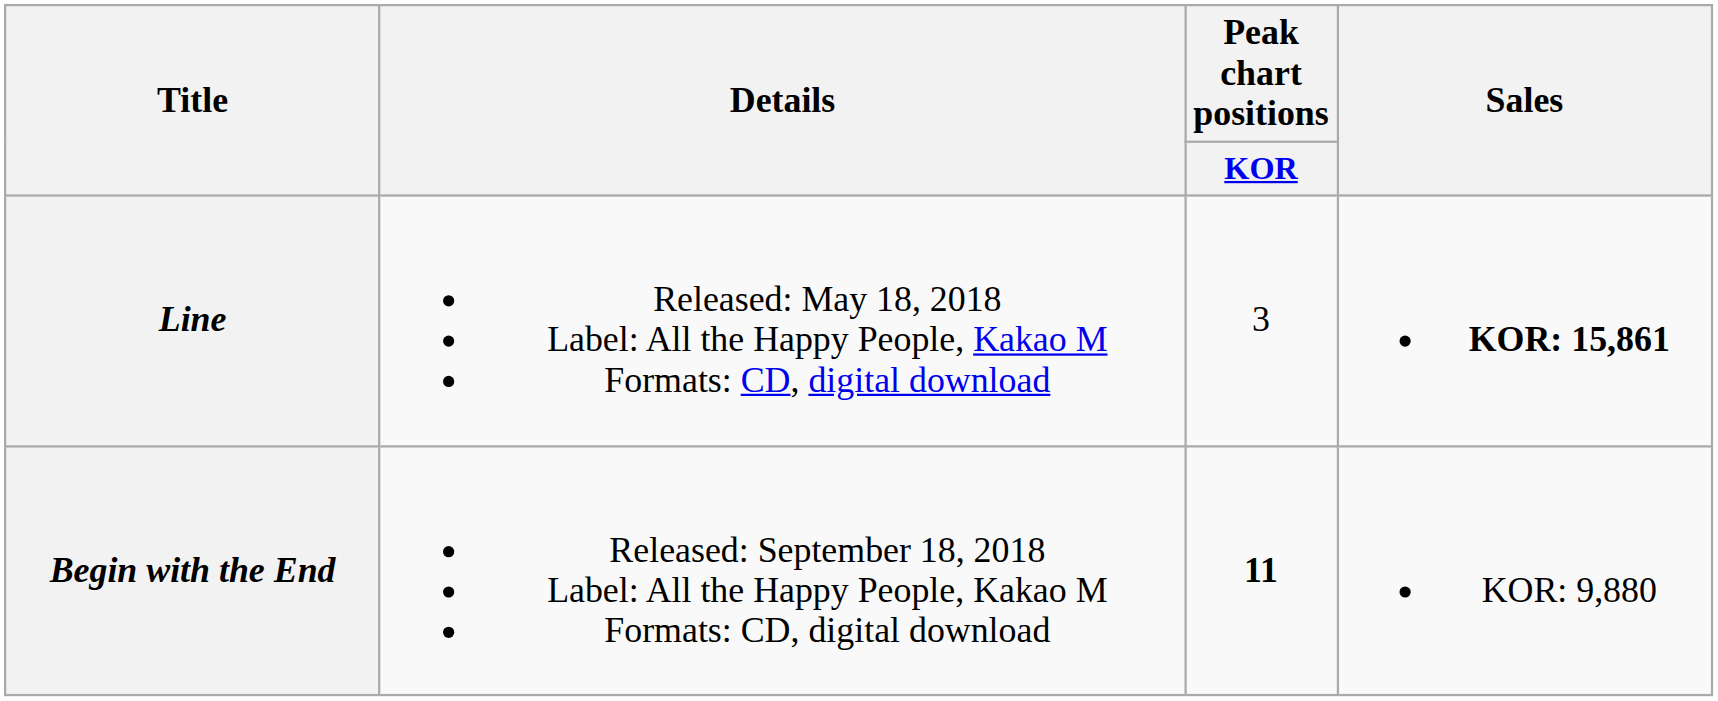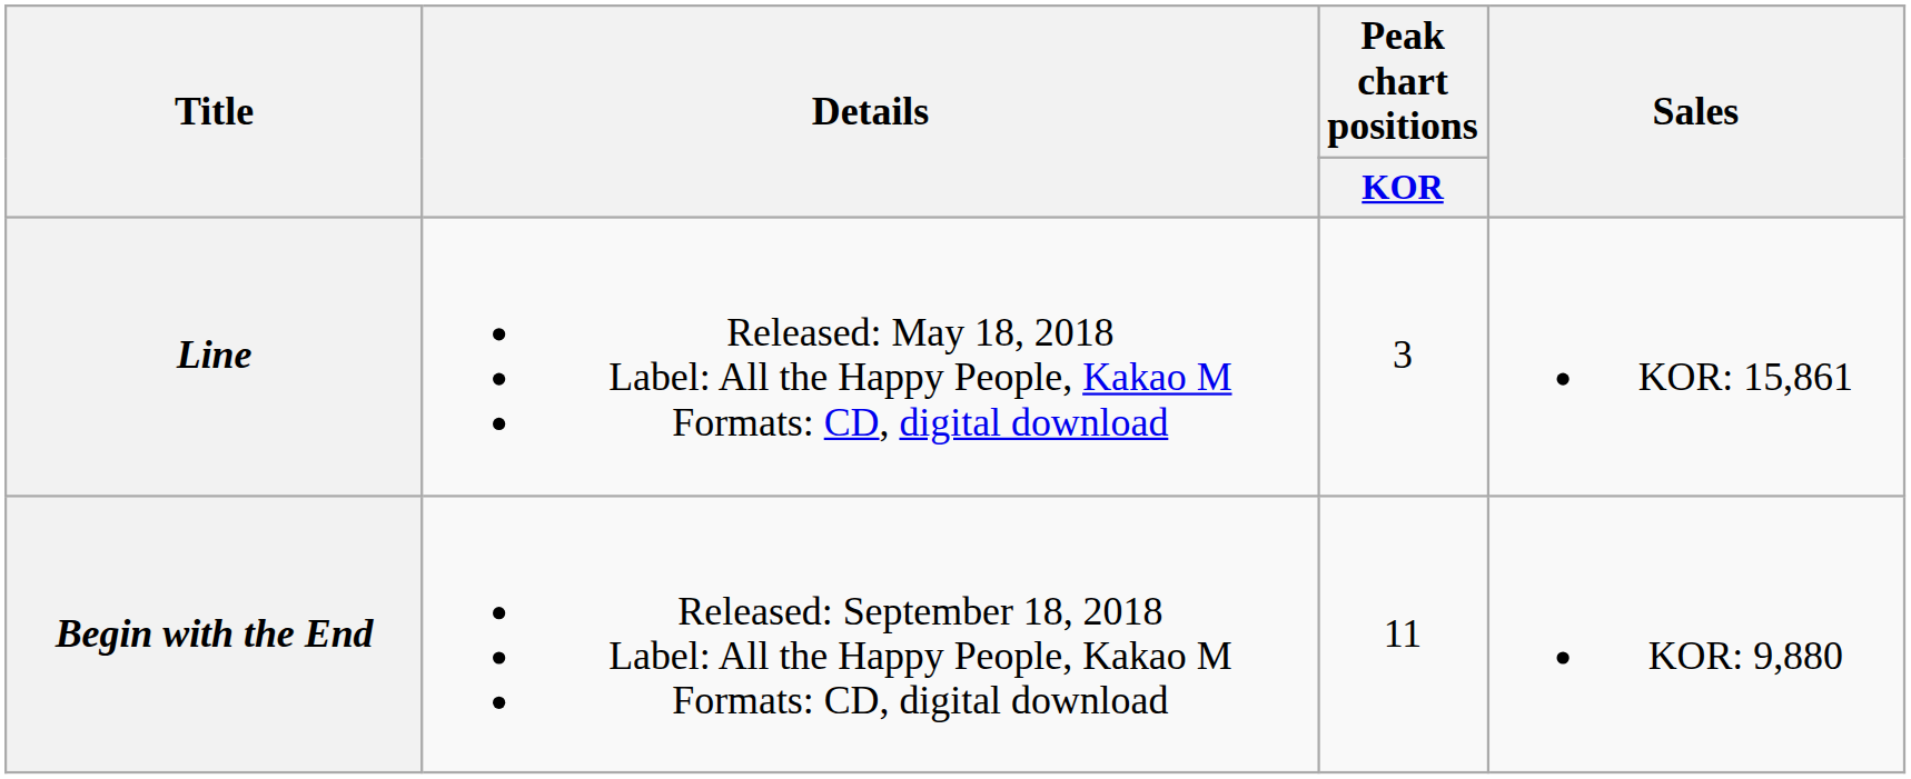 <table class="wikitable {| class="wikitable plainrowheaders" style="text-align:center">
 <tr>
 <th scope="col" rowspan="2" style="width:10em;">Title</th>
 <th scope="col" rowspan="2" style="width:22em;">Details</th>
 <th scope="col">Peak chart <br>positions</th>
 <th scope="col" rowspan="2" style="width:10em;">Sales</th>
 </tr>
 <tr>
 <th scope="col" style="width:2.5em;font-size:90%;"><a href='#'>KOR</a><br></th>
 </tr>
 <tr>
 <th scope="row"><em>Line</em></th>
 <td><br><ul><li>Released: May 18, 2018</li><li>Label: All the Happy People, <a href='#'>Kakao M</a></li><li>Formats: <a href='#'>CD</a>, <a href='#'>digital download</a></li></ul></td>
 <td>3</td>
-<td><strong><br><ul><li>KOR: 15,861</li></ul></strong></td>
+<td><br><ul><li>KOR: 15,861</li></ul></td>
 </tr>
 <tr>
 <th scope="row"><em>Begin with the End</em></th>
 <td><br><ul><li>Released: September 18, 2018</li><li>Label: All the Happy People, Kakao M</li><li>Formats: CD, digital download</li></ul></td>
-<td><strong>11</strong></td>
+<td>11</td>
 <td><br><ul><li>KOR: 9,880</li></ul></td>
 </tr>
 </table>
